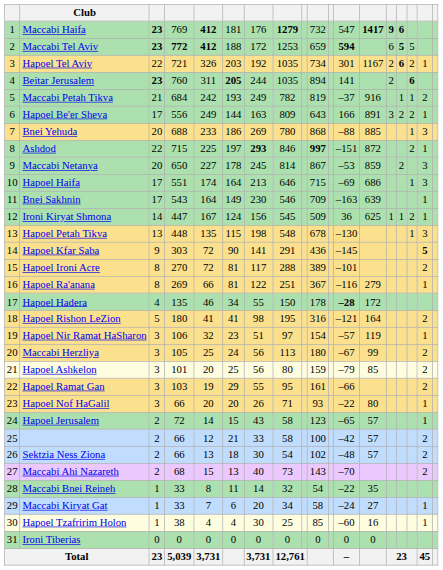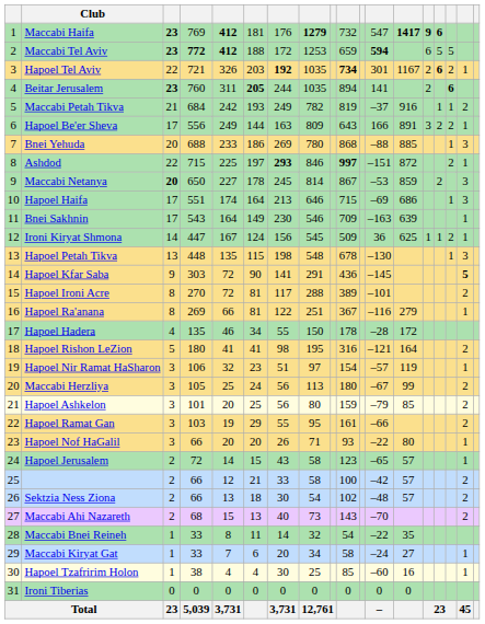 <table class="wikitable sortable" style="text-align:center">
 <tr>
 <th></th>
 <th>Club</th>
 <th></th>
 <th></th>
 <th></th>
 <th></th>
 <th></th>
 <th></th>
 <th></th>
 <th></th>
 <th></th>
 <th></th>
 <th></th>
 <th></th>
 <th></th>
 <th></th>
 <th></th>
 <th></th>
 </tr>
 <tr style="text-align:center; background:#ace1af;">
 <td>1</td>
 <td align=left><a href='#'>Maccabi Haifa</a></td>
 <td><strong>23</strong></td>
 <td>769</td>
 <td><strong>412</strong></td>
 <td>181</td>
 <td>176</td>
 <td><strong>1279</strong></td>
 <td><strong></strong></td>
 <td>732</td>
 <td></td>
 <td>547</td>
 <td><strong>1417</strong></td>
 <td><strong>9</strong></td>
 <td><strong>6</strong></td>
 <td></td>
 <td></td>
 <td></td>
 </tr>
 <tr style="text-align:center; background:#ace1af;">
 <td>2</td>
 <td align=left><a href='#'>Maccabi Tel Aviv</a></td>
 <td><strong>23</strong></td>
 <td><strong>772</strong></td>
 <td><strong>412</strong></td>
 <td>188</td>
 <td>172</td>
 <td>1253</td>
 <td></td>
 <td>659</td>
 <td></td>
 <td><strong>594</strong></td>
 <td></td>
 <td>6</td>
-<td><strong>5</strong></td>
+<td>5</td>
 <td>5</td>
 <td></td>
 <td><strong></strong></td>
 </tr>
 <tr style="text-align:center; background:#fbe08d;">
 <td>3</td>
 <td align=left><a href='#'>Hapoel Tel Aviv</a></td>
 <td>22</td>
 <td>721</td>
 <td>326</td>
 <td>203</td>
-<td>192</td>
+<td><strong>192</strong></td>
 <td>1035</td>
 <td></td>
-<td>734</td>
+<td><strong>734</strong></td>
 <td></td>
 <td>301</td>
 <td>1167</td>
 <td>2</td>
 <td><strong>6</strong></td>
 <td>2</td>
 <td>1</td>
 <td></td>
 </tr>
 <tr style="text-align:center; background:#ace1af;">
 <td>4</td>
 <td align=left><a href='#'>Beitar Jerusalem</a></td>
 <td><strong>23</strong></td>
 <td>760</td>
 <td>311</td>
 <td><strong>205</strong></td>
 <td>244</td>
 <td>1035</td>
 <td></td>
 <td>894</td>
 <td></td>
 <td>141</td>
 <td></td>
 <td>2</td>
 <td></td>
 <td><strong>6</strong></td>
 <td></td>
 <td></td>
 </tr>
 <tr style="text-align:center; background:#ace1af;">
 <td>5</td>
 <td align=left><a href='#'>Maccabi Petah Tikva</a></td>
 <td>21</td>
 <td>684</td>
 <td>242</td>
 <td>193</td>
 <td>249</td>
 <td>782</td>
 <td></td>
 <td>819</td>
 <td></td>
 <td>–37</td>
 <td>916</td>
 <td></td>
 <td>1</td>
 <td>1</td>
 <td>2</td>
 <td></td>
 </tr>
 <tr style="text-align:center; background:#ace1af;">
 <td>6</td>
 <td align=left><a href='#'>Hapoel Be'er Sheva</a></td>
 <td>17</td>
 <td>556</td>
 <td>249</td>
 <td>144</td>
 <td>163</td>
 <td>809</td>
 <td></td>
 <td>643</td>
 <td></td>
 <td>166</td>
 <td>891</td>
 <td>3</td>
 <td>2</td>
 <td>2</td>
 <td>1</td>
 <td></td>
 </tr>
 <tr style="text-align:center; background:#fbe08d;">
 <td>7</td>
 <td align=left><a href='#'>Bnei Yehuda</a></td>
 <td>20</td>
 <td>688</td>
 <td>233</td>
 <td>186</td>
 <td>269</td>
 <td>780</td>
 <td></td>
 <td>868</td>
 <td></td>
 <td>–88</td>
 <td>885</td>
 <td></td>
 <td></td>
 <td>1</td>
 <td>3</td>
 <td></td>
 </tr>
 <tr style="text-align:center; background:#ace1af;">
 <td>8</td>
 <td align=left><a href='#'>Ashdod</a></td>
 <td>22</td>
 <td>715</td>
 <td>225</td>
 <td>197</td>
 <td><strong>293</strong></td>
 <td>846</td>
 <td></td>
 <td><strong>997</strong></td>
 <td></td>
 <td>–151</td>
 <td>872</td>
 <td></td>
 <td></td>
 <td>2</td>
 <td>1</td>
 <td></td>
 </tr>
 <tr style="text-align:center; background:#ace1af;">
 <td>9</td>
 <td align=left><a href='#'>Maccabi Netanya</a></td>
-<td>20</td>
+<td><strong>20</strong></td>
 <td>650</td>
 <td>227</td>
 <td>178</td>
 <td>245</td>
 <td>814</td>
 <td></td>
 <td>867</td>
 <td></td>
 <td>–53</td>
 <td>859</td>
 <td></td>
 <td>2</td>
 <td></td>
 <td>3</td>
 <td></td>
 </tr>
 <tr style="text-align:center; background:#ace1af;">
 <td>10</td>
 <td align=left><a href='#'>Hapoel Haifa</a></td>
 <td>17</td>
 <td>551</td>
 <td>174</td>
 <td>164</td>
 <td>213</td>
 <td>646</td>
 <td></td>
 <td>715</td>
 <td></td>
 <td>–69</td>
 <td>686</td>
 <td></td>
 <td></td>
 <td>1</td>
 <td>3</td>
 <td></td>
 </tr>
 <tr style="text-align:center; background:#ace1af;">
 <td>11</td>
 <td align=left><a href='#'>Bnei Sakhnin</a></td>
 <td>17</td>
 <td>543</td>
 <td>164</td>
 <td>149</td>
 <td>230</td>
 <td>546</td>
 <td></td>
 <td>709</td>
 <td></td>
 <td>–163</td>
 <td>639</td>
 <td></td>
 <td></td>
 <td></td>
 <td>1</td>
 <td></td>
 </tr>
 <tr style="text-align:center; background:#ace1af;">
 <td>12</td>
 <td align=left><a href='#'>Ironi Kiryat Shmona</a></td>
 <td>14</td>
 <td>447</td>
 <td>167</td>
 <td>124</td>
 <td>156</td>
 <td>545</td>
 <td></td>
 <td>509</td>
 <td></td>
 <td>36</td>
 <td>625</td>
 <td>1</td>
 <td>1</td>
 <td>2</td>
 <td>1</td>
 <td></td>
 </tr>
 <tr style="text-align:center; background:#fbe08d;">
 <td>13</td>
 <td align=left><a href='#'>Hapoel Petah Tikva</a></td>
 <td>13</td>
 <td>448</td>
 <td>135</td>
 <td>115</td>
 <td>198</td>
 <td>548</td>
 <td></td>
 <td>678</td>
 <td></td>
 <td>–130</td>
 <td></td>
 <td></td>
 <td></td>
 <td>1</td>
 <td>3</td>
 <td></td>
 </tr>
 <tr style="text-align:center; background:#fbe08d;">
 <td>14</td>
 <td align=left><a href='#'>Hapoel Kfar Saba</a></td>
 <td>9</td>
 <td>303</td>
 <td>72</td>
 <td>90</td>
 <td>141</td>
 <td>291</td>
 <td></td>
 <td>436</td>
 <td></td>
 <td>–145</td>
 <td></td>
 <td></td>
 <td></td>
 <td></td>
 <td><strong>5</strong></td>
 <td></td>
 </tr>
 <tr style="text-align:center; background:#fbe08d;">
 <td>15</td>
 <td align=left><a href='#'>Hapoel Ironi Acre</a></td>
 <td>8</td>
 <td>270</td>
 <td>72</td>
 <td>81</td>
 <td>117</td>
 <td>288</td>
 <td></td>
 <td>389</td>
 <td></td>
 <td>–101</td>
 <td></td>
 <td></td>
 <td></td>
 <td></td>
 <td>2</td>
 <td></td>
 </tr>
 <tr style="text-align:center; background:#fbe08d;">
 <td>16</td>
 <td align=left><a href='#'>Hapoel Ra'anana</a></td>
 <td>8</td>
 <td>269</td>
 <td>66</td>
 <td>81</td>
 <td>122</td>
 <td>251</td>
 <td></td>
 <td>367</td>
 <td></td>
 <td>–116</td>
 <td>279</td>
 <td></td>
 <td></td>
 <td></td>
 <td>1</td>
 <td></td>
 </tr>
 <tr style="text-align:center; background:#ace1af;">
 <td>17</td>
 <td align=left><a href='#'>Hapoel Hadera</a></td>
 <td>4</td>
 <td>135</td>
 <td>46</td>
 <td>34</td>
 <td>55</td>
 <td>150</td>
 <td></td>
 <td>178</td>
 <td></td>
-<td><strong>–28</strong></td>
+<td>–28</td>
 <td>172</td>
 <td></td>
 <td></td>
 <td></td>
 <td></td>
 <td></td>
 </tr>
 <tr style="text-align:center; background:#fbe08d;">
 <td>18</td>
 <td align=left><a href='#'>Hapoel Rishon LeZion</a></td>
 <td>5</td>
 <td>180</td>
 <td>41</td>
 <td>41</td>
 <td>98</td>
 <td>195</td>
 <td></td>
 <td>316</td>
 <td></td>
 <td>–121</td>
 <td>164</td>
 <td></td>
 <td></td>
 <td></td>
 <td>2</td>
 <td></td>
 </tr>
 <tr style="text-align:center; background:#fbe08d;">
 <td>19</td>
 <td align=left><a href='#'>Hapoel Nir Ramat HaSharon</a></td>
 <td>3</td>
 <td>106</td>
 <td>32</td>
 <td>23</td>
 <td>51</td>
 <td>97</td>
 <td></td>
 <td>154</td>
 <td></td>
 <td>–57</td>
 <td>119</td>
 <td></td>
 <td></td>
 <td></td>
 <td>1</td>
 <td></td>
 </tr>
 <tr style="text-align:center; background:#fbe08d;">
 <td>20</td>
 <td align=left><a href='#'>Maccabi Herzliya</a></td>
 <td>3</td>
 <td>105</td>
 <td>25</td>
 <td>24</td>
 <td>56</td>
 <td>113</td>
 <td></td>
 <td>180</td>
 <td></td>
 <td>–67</td>
 <td>99</td>
 <td></td>
 <td></td>
 <td></td>
 <td>2</td>
 <td></td>
 </tr>
 <tr style="text-align:center; background:#fffddf;">
 <td>21</td>
 <td align=left><a href='#'>Hapoel Ashkelon</a></td>
 <td>3</td>
 <td>101</td>
 <td>20</td>
 <td>25</td>
 <td>56</td>
 <td>80</td>
 <td></td>
 <td>159</td>
 <td></td>
 <td>–79</td>
 <td>85</td>
 <td></td>
 <td></td>
 <td></td>
 <td>2</td>
 <td></td>
 </tr>
 <tr style="text-align:center; background:#fbe08d;">
 <td>22</td>
 <td align=left><a href='#'>Hapoel Ramat Gan</a></td>
 <td>3</td>
 <td>103</td>
 <td>19</td>
 <td>29</td>
 <td>55</td>
 <td>95</td>
 <td></td>
 <td>161</td>
 <td></td>
 <td>–66</td>
 <td></td>
 <td></td>
 <td></td>
 <td></td>
 <td>2</td>
 <td></td>
 </tr>
 <tr style="text-align:center; background:#fbe08d;">
 <td>23</td>
 <td align=left><a href='#'>Hapoel Nof HaGalil</a></td>
 <td>3</td>
 <td>66</td>
 <td>20</td>
 <td>20</td>
 <td>26</td>
 <td>71</td>
 <td></td>
 <td>93</td>
 <td></td>
 <td>–22</td>
 <td>80</td>
 <td></td>
 <td></td>
 <td></td>
 <td>1</td>
 <td></td>
 </tr>
 <tr style="text-align:center; background:#ace1af;">
 <td>24</td>
 <td align=left><a href='#'>Hapoel Jerusalem</a></td>
 <td>2</td>
 <td>72</td>
 <td>14</td>
 <td>15</td>
 <td>43</td>
 <td>58</td>
 <td></td>
 <td>123</td>
 <td></td>
 <td>–65</td>
 <td>57</td>
 <td></td>
 <td></td>
 <td></td>
 <td>1</td>
 <td></td>
 </tr>
 <tr style="text-align:center; background:#c1ddfd;">
 <td>25</td>
 <td align=left></td>
 <td>2</td>
 <td>66</td>
 <td>12</td>
 <td>21</td>
 <td>33</td>
 <td>58</td>
 <td></td>
 <td>100</td>
 <td></td>
 <td>–42</td>
 <td>57</td>
 <td></td>
 <td></td>
 <td></td>
 <td>2</td>
 <td></td>
 </tr>
 <tr style="text-align:center; background:#c1ddfd;">
 <td>26</td>
 <td align=left><a href='#'>Sektzia Ness Ziona</a></td>
 <td>2</td>
 <td>66</td>
 <td>13</td>
 <td>18</td>
 <td>30</td>
 <td>54</td>
 <td></td>
 <td>102</td>
 <td></td>
 <td>–48</td>
 <td>57</td>
 <td></td>
 <td></td>
 <td></td>
 <td>2</td>
 <td></td>
 </tr>
 <tr style="text-align:center; background:#ebc9fe;">
 <td>27</td>
 <td align=left><a href='#'>Maccabi Ahi Nazareth</a></td>
 <td>2</td>
 <td>68</td>
 <td>15</td>
 <td>13</td>
 <td>40</td>
 <td>73</td>
 <td></td>
 <td>143</td>
 <td></td>
 <td>–70</td>
 <td></td>
 <td></td>
 <td></td>
 <td></td>
 <td>2</td>
 <td></td>
 </tr>
 <tr style="text-align:center; background:#ace1af;">
 <td>28</td>
 <td align=left><a href='#'>Maccabi Bnei Reineh</a></td>
 <td>1</td>
 <td>33</td>
 <td>8</td>
 <td>11</td>
 <td>14</td>
 <td>32</td>
 <td></td>
 <td>54</td>
 <td></td>
 <td>–22</td>
 <td>35</td>
 <td></td>
 <td></td>
 <td></td>
 <td></td>
 <td></td>
 </tr>
 <tr style="text-align:center; background:#c1ddfd;">
 <td>29</td>
 <td align=left><a href='#'>Maccabi Kiryat Gat</a></td>
 <td>1</td>
 <td>33</td>
 <td>7</td>
 <td>6</td>
 <td>20</td>
 <td>34</td>
 <td></td>
 <td>58</td>
 <td></td>
 <td>–24</td>
 <td>27</td>
 <td></td>
 <td></td>
 <td></td>
 <td>1</td>
 <td></td>
 </tr>
 <tr style="text-align:center; background:#fffddf;">
 <td>30</td>
 <td align=left><a href='#'>Hapoel Tzafririm Holon</a></td>
 <td>1</td>
 <td>38</td>
 <td>4</td>
 <td>4</td>
 <td>30</td>
 <td>25</td>
 <td></td>
 <td>85</td>
 <td><strong></strong></td>
 <td>–60</td>
 <td>16</td>
 <td></td>
 <td></td>
 <td></td>
 <td>1</td>
 <td></td>
 </tr>
 <tr style="text-align:center; background:#ace1af;">
 <td>31</td>
 <td align=left><a href='#'>Ironi Tiberias</a></td>
 <td>0</td>
 <td>0</td>
 <td>0</td>
 <td>0</td>
 <td>0</td>
 <td>0</td>
 <td></td>
 <td>0</td>
 <td></td>
 <td>0</td>
 <td>0</td>
 <td></td>
 <td></td>
 <td></td>
 <td></td>
 <td></td>
 </tr>
 <tr class="wikitable unsortable">
 <th colspan="2">Total</th>
 <th>23</th>
 <th>5,039</th>
 <th>3,731</th>
 <th></th>
 <th>3,731</th>
 <th colspan="2">12,761</th>
 <th colspan="2"></th>
 <th>–</th>
 <th></th>
 <th colspan="3">23</th>
 <th>45</th>
 <th></th>
 </tr>
 </table>
